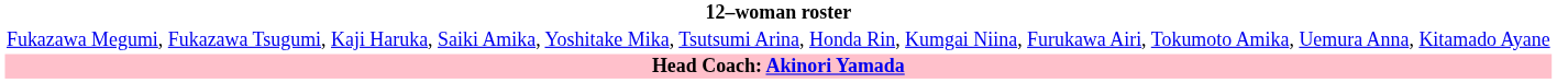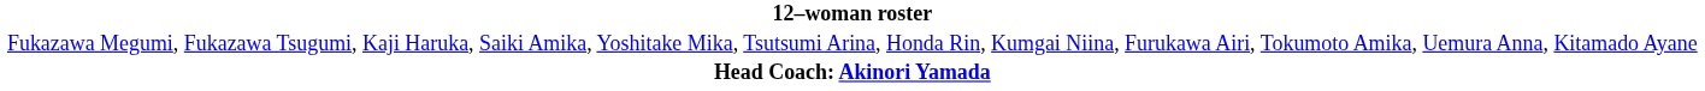 <table style="text-align: center; margin-top: 2em; margin-left: auto; margin-right: auto">
 <tr>
 <td><strong>12–woman roster</strong></td>
 </tr>
 <tr>
 <td><a href='#'>Fukazawa Megumi</a>, <a href='#'>Fukazawa Tsugumi</a>, <a href='#'>Kaji Haruka</a>, <a href='#'>Saiki Amika</a>, <a href='#'>Yoshitake Mika</a>, <a href='#'>Tsutsumi Arina</a>, <a href='#'>Honda Rin</a>, <a href='#'>Kumgai Niina</a>, <a href='#'>Furukawa Airi</a>, <a href='#'>Tokumoto Amika</a>, <a href='#'>Uemura Anna</a>, <a href='#'>Kitamado Ayane</a></td>
 </tr>
 <tr>
-<td style="background: pink;"><strong>Head Coach: <a href='#'>Akinori Yamada</a></strong></td>
+<td><strong>Head Coach: <a href='#'>Akinori Yamada</a></strong></td>
 </tr>
 <tr>
 <td></td>
 </tr>
 </table>
